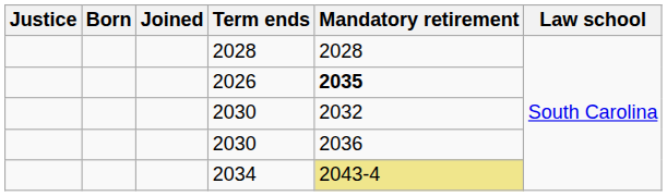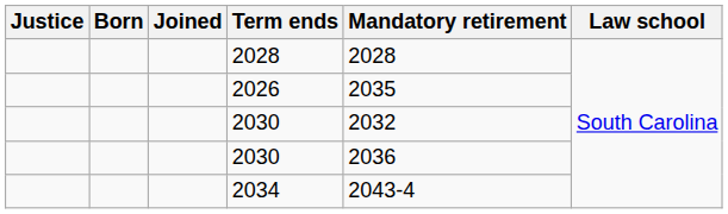 <table class="wikitable sortable">
 <tr>
 <th>Justice</th>
 <th>Born</th>
 <th>Joined</th>
 <th>Term ends</th>
 <th>Mandatory retirement</th>
 <th>Law school</th>
 </tr>
 <tr>
 <td></td>
 <td></td>
 <td></td>
 <td>2028</td>
 <td>2028</td>
 <td rowspan=5><a href='#'>South Carolina</a></td>
 </tr>
 <tr>
 <td></td>
 <td></td>
 <td></td>
 <td>2026</td>
-<td><strong>2035</strong></td>
+<td>2035</td>
 </tr>
 <tr>
 <td></td>
 <td></td>
 <td></td>
 <td>2030</td>
 <td>2032</td>
 </tr>
 <tr>
 <td></td>
 <td></td>
 <td></td>
 <td>2030</td>
 <td>2036</td>
 </tr>
 <tr>
 <td></td>
 <td></td>
 <td></td>
 <td>2034</td>
-<td style="background: khaki;">2043-4</td>
+<td>2043-4</td>
 </tr>
 </table>
